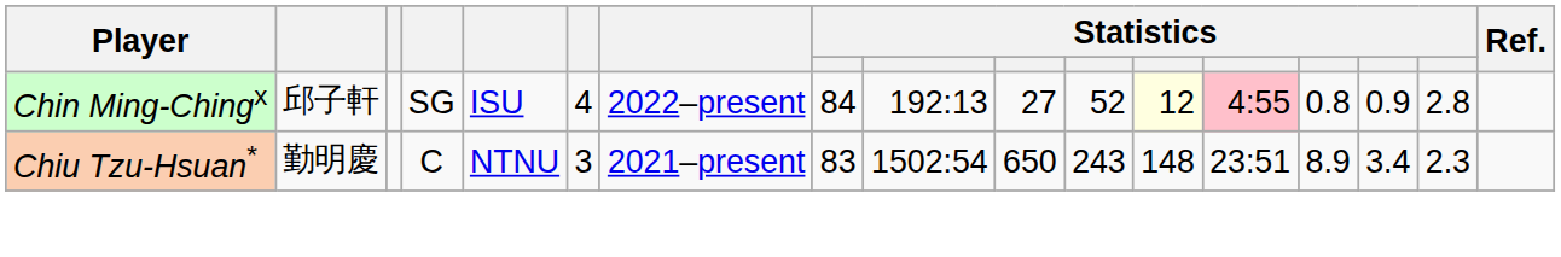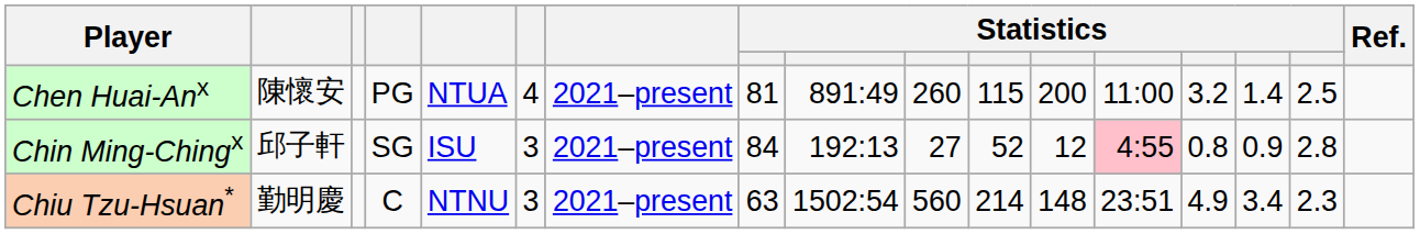 <table class="wikitable sortable" style="font-size:95%; text-align:right;">
 <tr>
 <th rowspan="2">Player</th>
 <th rowspan="2"></th>
 <th rowspan="2"></th>
 <th rowspan="2"></th>
 <th rowspan="2"></th>
 <th rowspan="2"></th>
 <th rowspan="2"></th>
 <th colspan="9">Statistics</th>
 <th rowspan="2">Ref.</th>
 </tr>
 <tr>
 <th></th>
 <th></th>
 <th></th>
 <th></th>
 <th></th>
 <th></th>
 <th></th>
 <th></th>
 <th></th>
 </tr>
 <tr>
+<td align="left" bgcolor="#CCFFCC"><em>Chen Huai-An</em><sup>x</sup></td>
+<td align="left">陳懷安</td>
+<td align="center"></td>
+<td align="center">PG</td>
+<td align="left"><a href='#'>NTUA</a></td>
+<td align="center">4</td>
+<td align="center"><a href='#'>2021</a>–<a href='#'>present</a></td>
+<td>81</td>
+<td>891:49</td>
+<td>260</td>
+<td>115</td>
+<td>200</td>
+<td>11:00</td>
+<td>3.2</td>
+<td>1.4</td>
+<td>2.5</td>
+<td align="center"></td>
+</tr>
+<tr>
 <td align="left" bgcolor="#CCFFCC"><em>Chin Ming-Ching</em><sup>x</sup></td>
 <td align="left">邱子軒</td>
 <td align="center"></td>
 <td align="center">SG</td>
 <td align="left"><a href='#'>ISU</a></td>
-<td align="center">4</td>
-<td align="center"><a href='#'>2022</a>–<a href='#'>present</a></td>
+<td align="center">3</td>
+<td align="center"><a href='#'>2021</a>–<a href='#'>present</a></td>
 <td>84</td>
 <td>192:13</td>
 <td>27</td>
 <td>52</td>
-<td style="background: lightyellow;">12</td>
+<td>12</td>
 <td style="background: pink;">4:55</td>
 <td>0.8</td>
 <td>0.9</td>
 <td>2.8</td>
 <td align="center"></td>
 </tr>
 <tr>
 <td align="left" bgcolor="#FBCEB1"><em>Chiu Tzu-Hsuan</em><sup>*</sup></td>
 <td align="left">勤明慶</td>
 <td align="center"></td>
 <td align="center">C</td>
 <td align="left"><a href='#'>NTNU</a></td>
 <td align="center">3</td>
 <td align="center"><a href='#'>2021</a>–<a href='#'>present</a></td>
-<td>83</td>
+<td>63</td>
 <td>1502:54</td>
-<td>650</td>
-<td>243</td>
+<td>560</td>
+<td>214</td>
 <td>148</td>
 <td>23:51</td>
-<td>8.9</td>
+<td>4.9</td>
 <td>3.4</td>
 <td>2.3</td>
 <td align="center"></td>
 </tr>
 </table>
